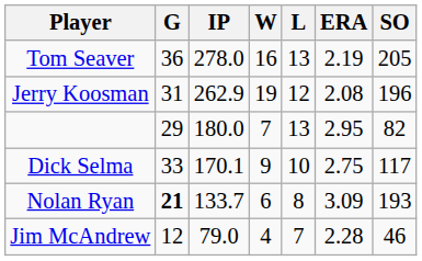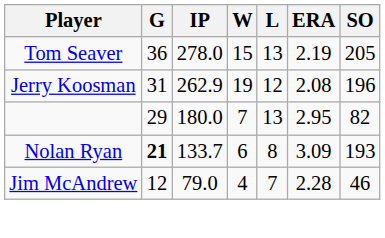 <table class="wikitable sortable">
 <tr>
 <th>Player</th>
 <th>G</th>
 <th>IP</th>
 <th>W</th>
 <th>L</th>
 <th>ERA</th>
 <th>SO</th>
 </tr>
 <tr align="center">
 <td><a href='#'>Tom Seaver</a></td>
 <td>36</td>
 <td>278.0</td>
-<td>16</td>
+<td>15</td>
 <td>13</td>
 <td>2.19</td>
 <td>205</td>
 </tr>
 <tr align=center>
 <td><a href='#'>Jerry Koosman</a></td>
 <td>31</td>
 <td>262.9</td>
 <td>19</td>
 <td>12</td>
 <td>2.08</td>
 <td>196</td>
 </tr>
 <tr align=center>
 <td></td>
 <td>29</td>
 <td>180.0</td>
 <td>7</td>
 <td>13</td>
 <td>2.95</td>
 <td>82</td>
 </tr>
-<tr align="center">
-<td><a href='#'>Dick Selma</a></td>
-<td>33</td>
-<td>170.1</td>
-<td>9</td>
-<td>10</td>
-<td>2.75</td>
-<td>117</td>
-</tr>
 <tr align=center>
 <td><a href='#'>Nolan Ryan</a></td>
 <td><strong>21</strong></td>
 <td>133.7</td>
 <td>6</td>
 <td>8</td>
 <td>3.09</td>
 <td>193</td>
 </tr>
 <tr align=center>
 <td><a href='#'>Jim McAndrew</a></td>
 <td>12</td>
 <td>79.0</td>
 <td>4</td>
 <td>7</td>
 <td>2.28</td>
 <td>46</td>
 </tr>
 </table>
